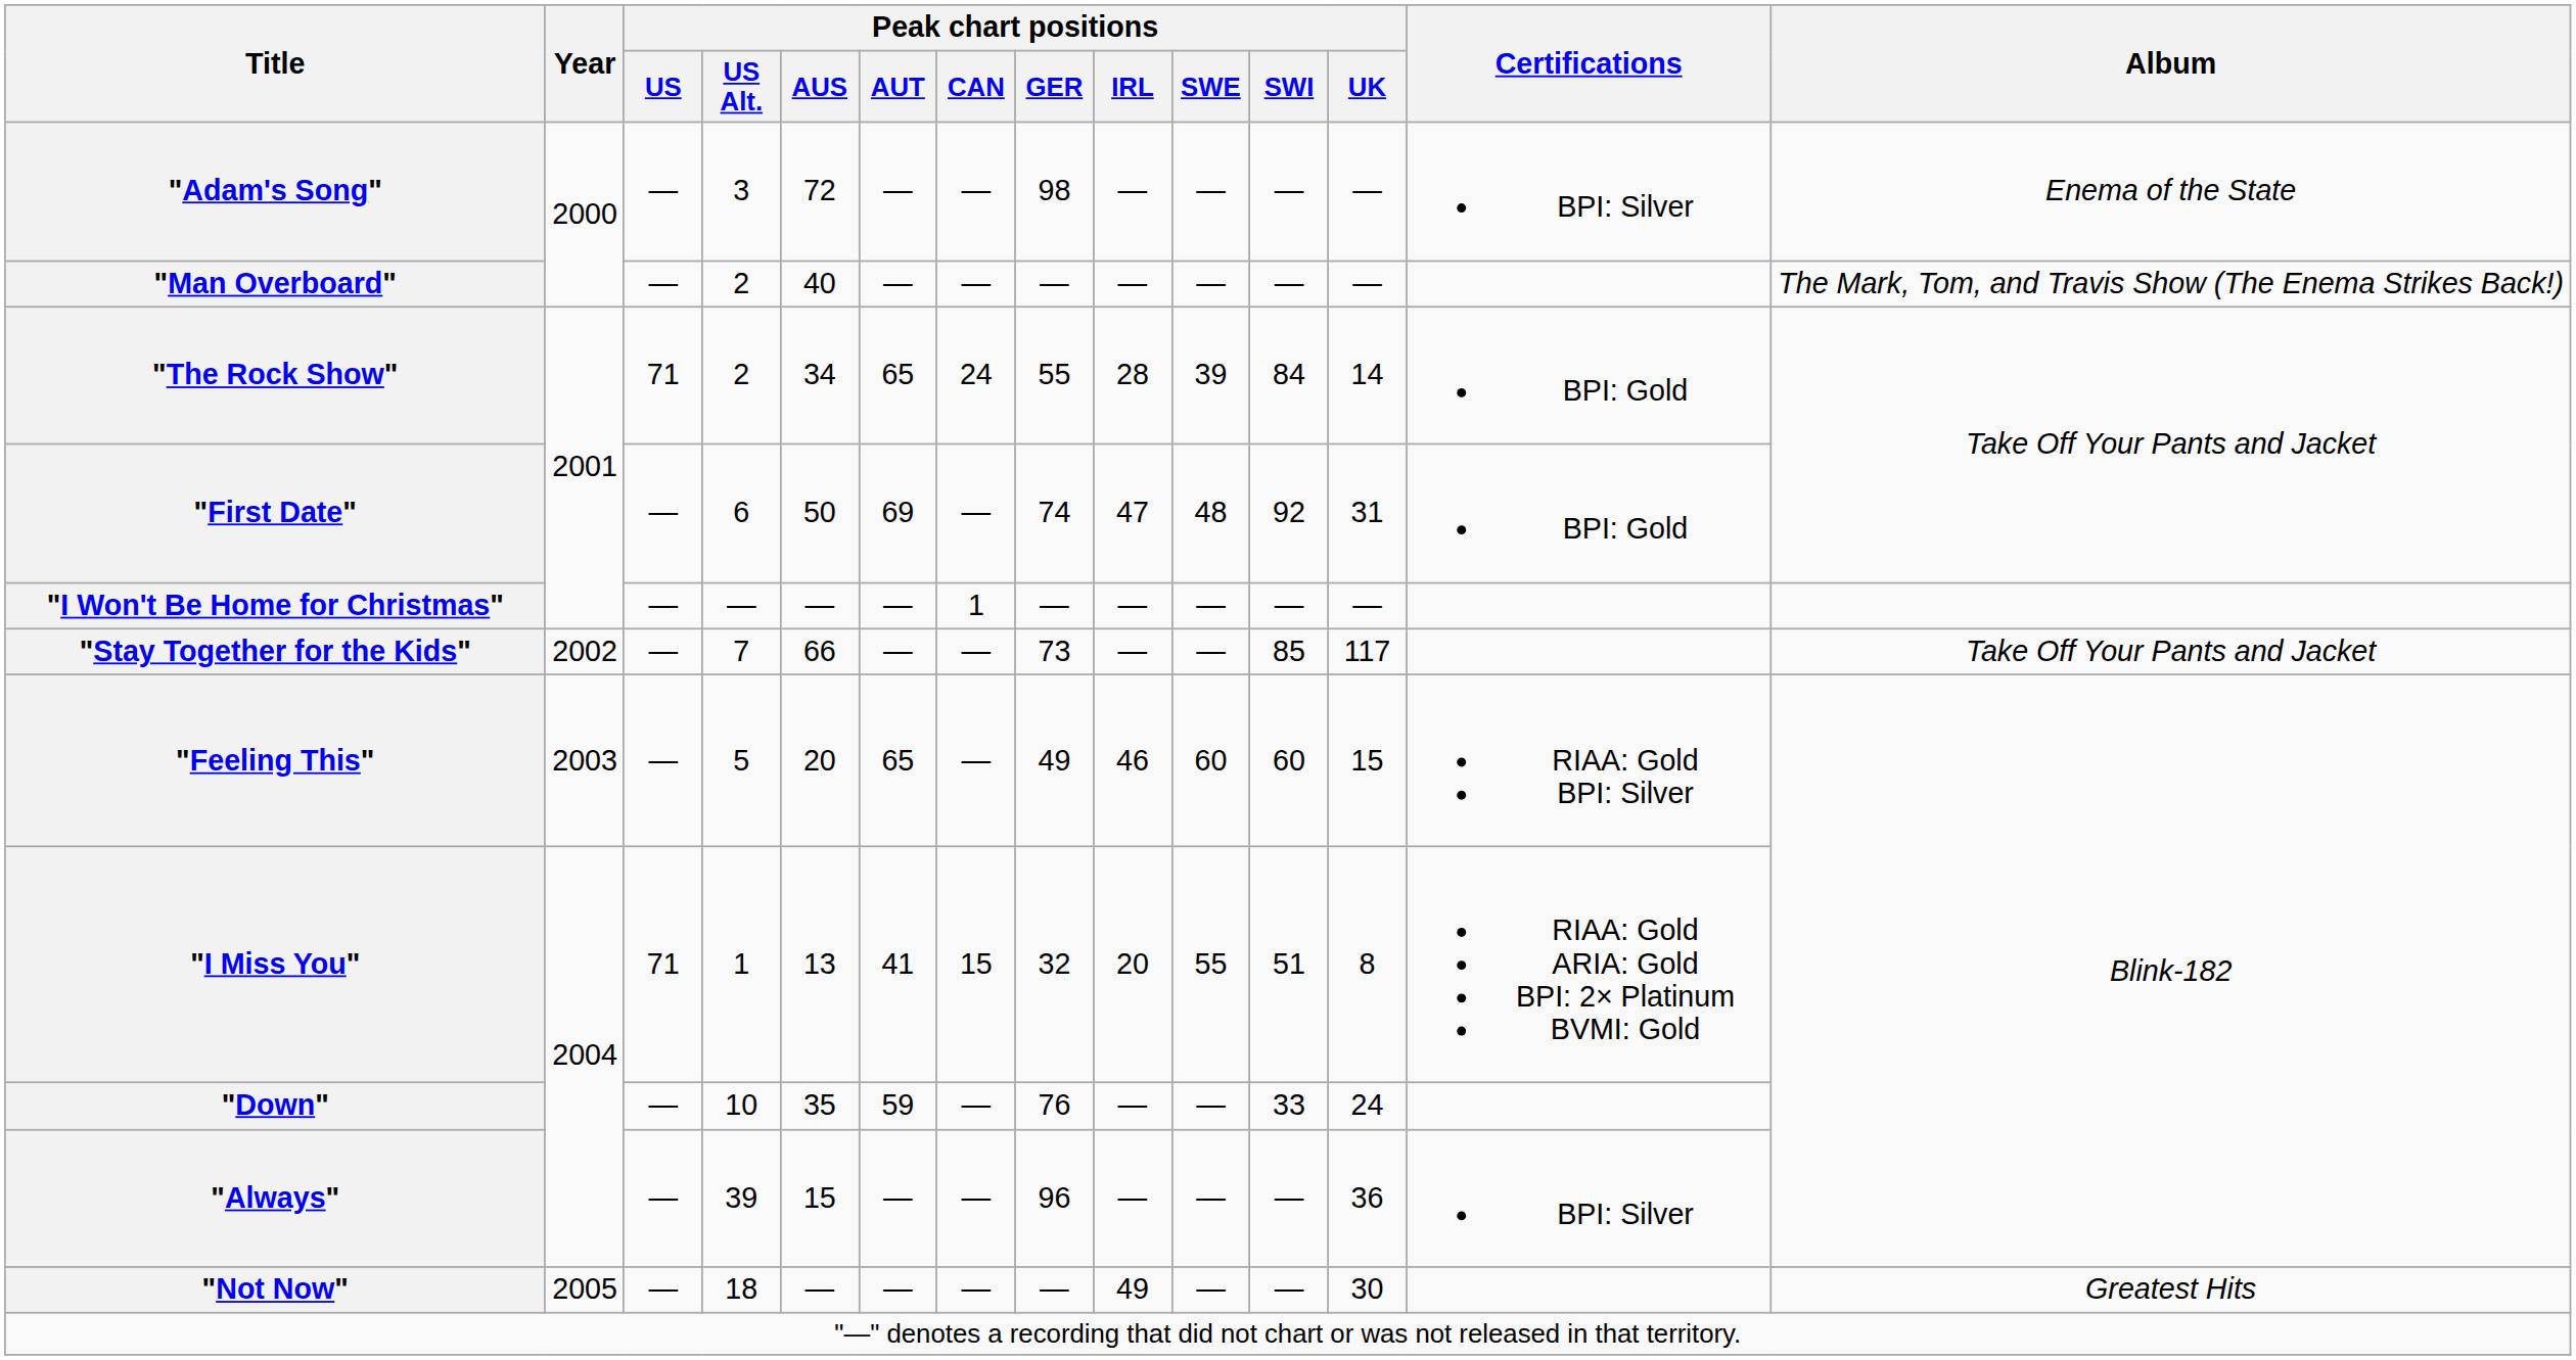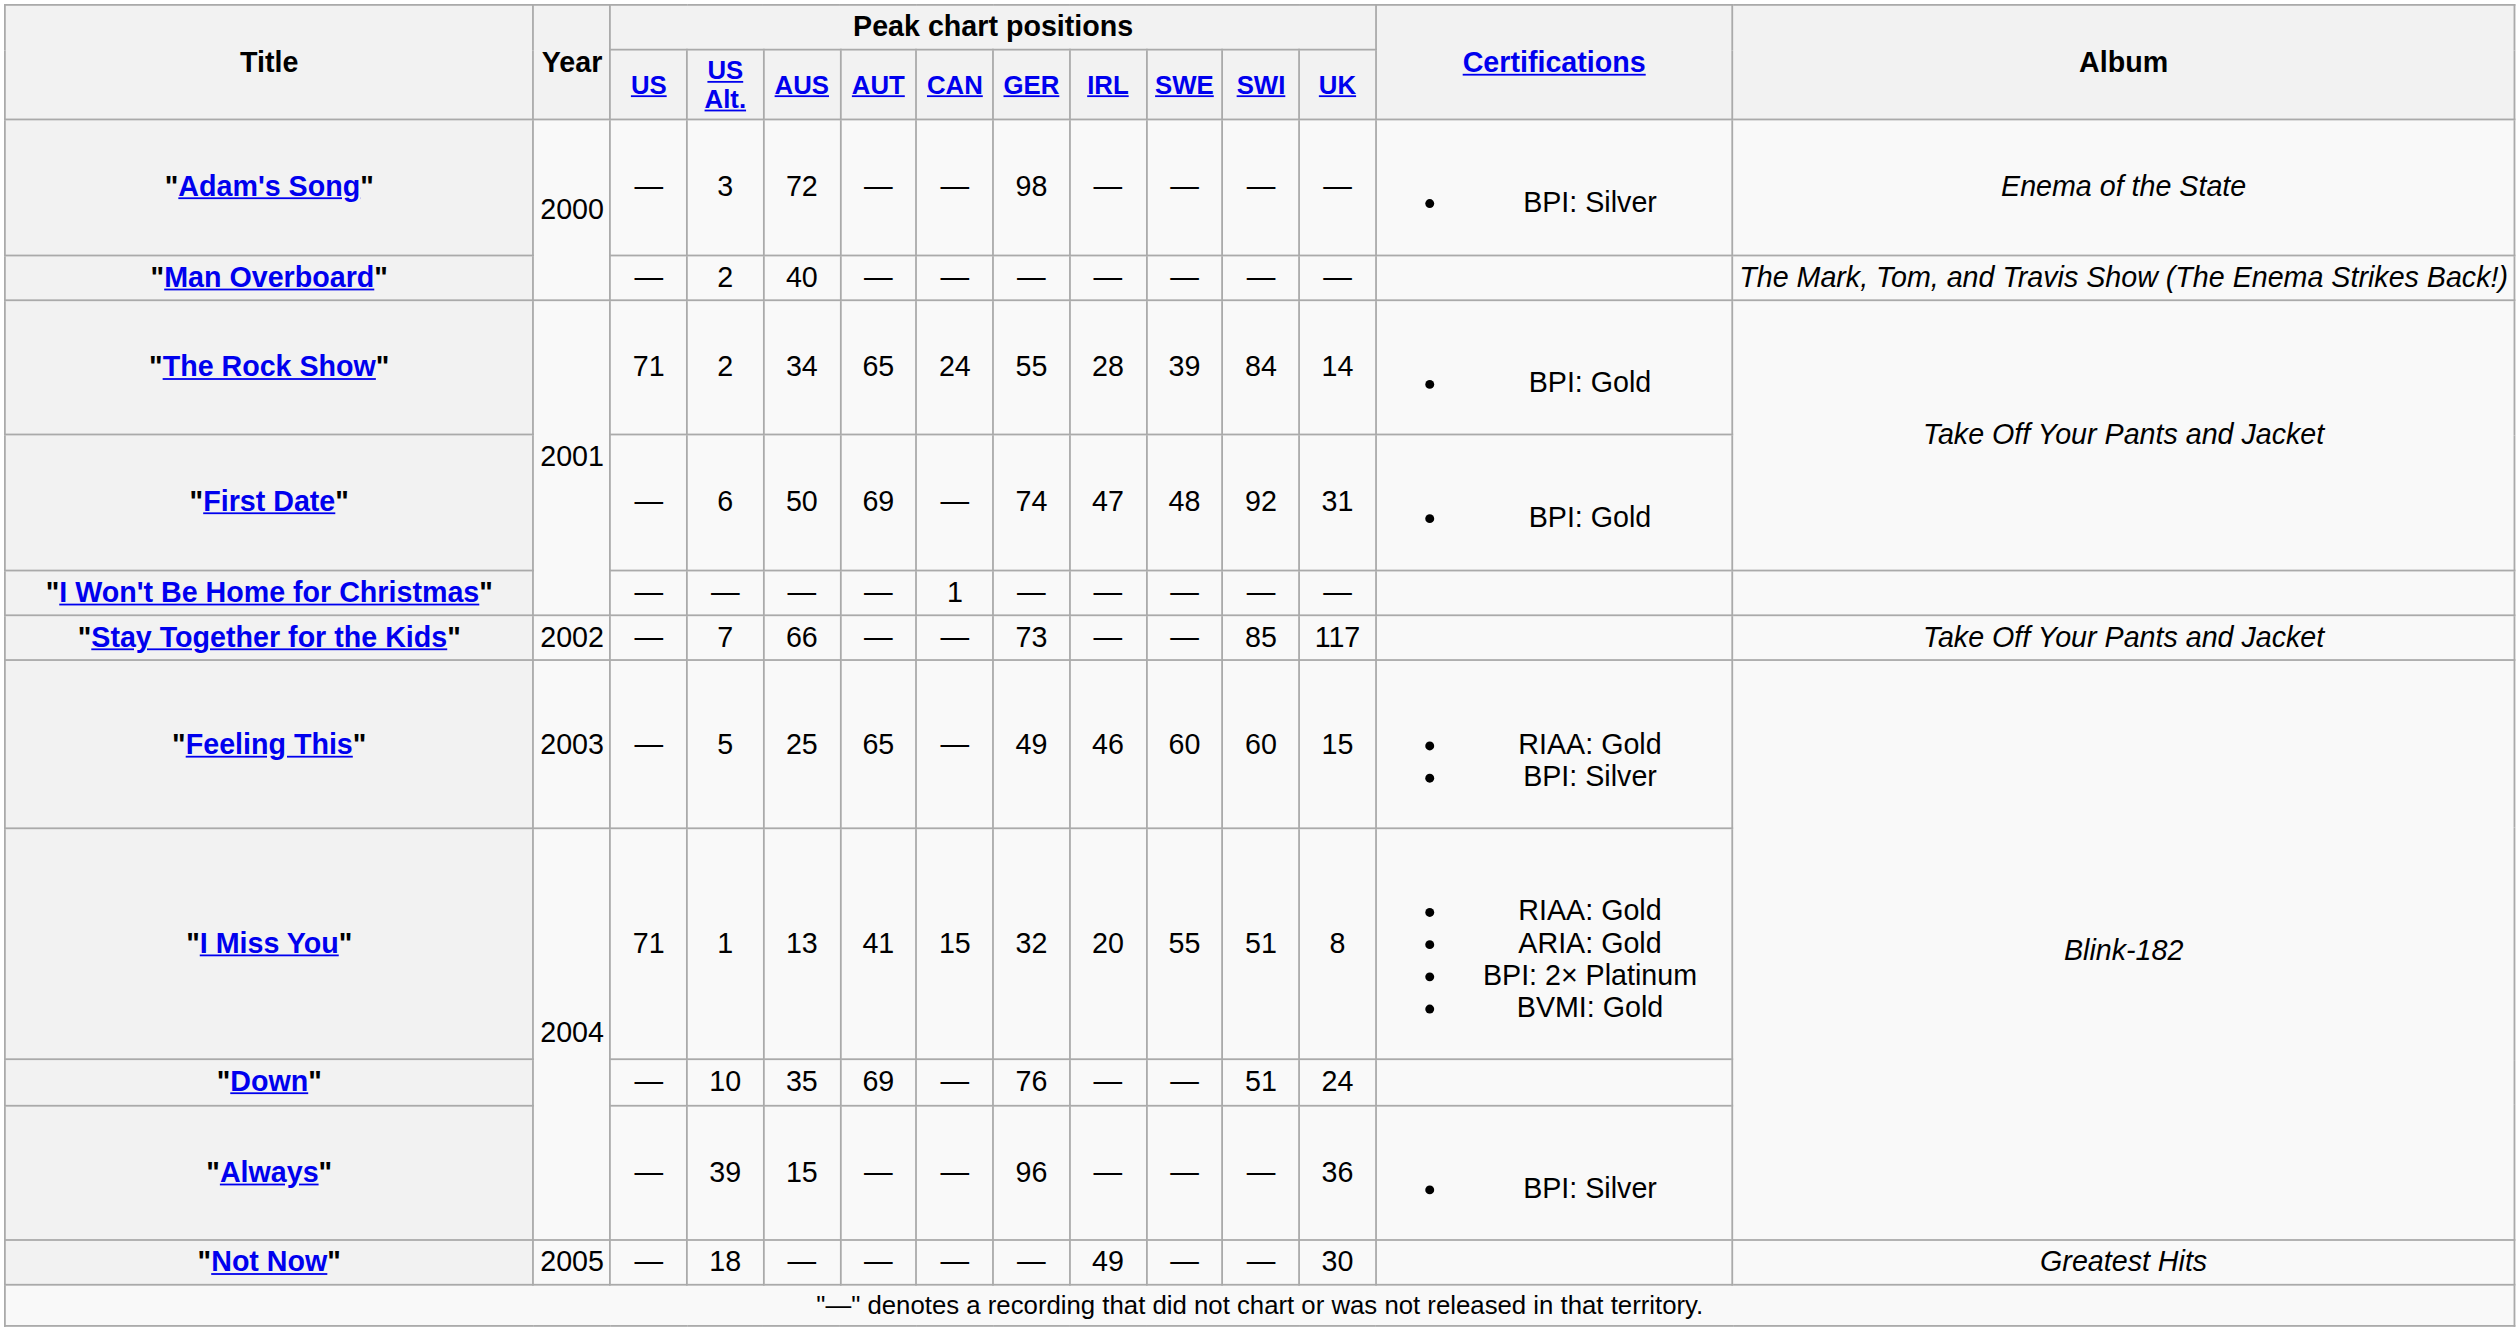 <table class="wikitable plainrowheaders" style="text-align:center;">
 <tr>
 <th scope="col" rowspan="2" style="width:18em;">Title</th>
 <th scope="col" rowspan="2">Year</th>
 <th scope="col" colspan="10">Peak chart positions</th>
 <th scope="col" rowspan="2" style="width:12em;"><a href='#'>Certifications</a></th>
 <th scope="col" rowspan="2">Album</th>
 </tr>
 <tr>
 <th scope="col" style="width:2.5em;font-size:90%;"><a href='#'>US</a><br></th>
 <th scope="col" style="width:2.5em;font-size:90%;"><a href='#'>US<br>Alt.</a><br></th>
 <th scope="col" style="width:2.5em;font-size:90%;"><a href='#'>AUS</a><br></th>
 <th scope="col" style="width:2.5em;font-size:90%;"><a href='#'>AUT</a><br></th>
 <th scope="col" style="width:2.5em;font-size:90%;"><a href='#'>CAN</a><br></th>
 <th scope="col" style="width:2.5em;font-size:90%;"><a href='#'>GER</a><br></th>
 <th scope="col" style="width:2.5em;font-size:90%;"><a href='#'>IRL</a><br></th>
 <th scope="col" style="width:2.5em;font-size:90%;"><a href='#'>SWE</a><br></th>
 <th scope="col" style="width:2.5em;font-size:90%;"><a href='#'>SWI</a><br></th>
 <th scope="col" style="width:2.5em;font-size:90%;"><a href='#'>UK</a><br></th>
 </tr>
 <tr>
 <th scope="row">"<a href='#'>Adam's Song</a>"</th>
 <td rowspan="2">2000</td>
 <td>—</td>
 <td>3</td>
 <td>72</td>
 <td>—</td>
 <td>—</td>
 <td>98</td>
 <td>—</td>
 <td>—</td>
 <td>—</td>
 <td>—</td>
 <td><br><ul><li>BPI: Silver</li></ul></td>
 <td><em>Enema of the State</em></td>
 </tr>
 <tr>
 <th scope="row">"<a href='#'>Man Overboard</a>"</th>
 <td>—</td>
 <td>2</td>
 <td>40</td>
 <td>—</td>
 <td>—</td>
 <td>—</td>
 <td>—</td>
 <td>—</td>
 <td>—</td>
 <td>—</td>
 <td></td>
 <td><em>The Mark, Tom, and Travis Show (The Enema Strikes Back!)</em></td>
 </tr>
 <tr>
 <th scope="row">"<a href='#'>The Rock Show</a>"</th>
 <td rowspan="3">2001</td>
 <td>71</td>
 <td>2</td>
 <td>34</td>
 <td>65</td>
 <td>24</td>
 <td>55</td>
 <td>28</td>
 <td>39</td>
 <td>84</td>
 <td>14</td>
 <td><br><ul><li>BPI: Gold</li></ul></td>
 <td rowspan="2"><em>Take Off Your Pants and Jacket</em></td>
 </tr>
 <tr>
 <th scope="row">"<a href='#'>First Date</a>"</th>
 <td>—</td>
 <td>6</td>
 <td>50</td>
 <td>69</td>
 <td>—</td>
 <td>74</td>
 <td>47</td>
 <td>48</td>
 <td>92</td>
 <td>31</td>
 <td><br><ul><li>BPI: Gold</li></ul></td>
 </tr>
 <tr>
 <th scope="row">"<a href='#'>I Won't Be Home for Christmas</a>"</th>
 <td>—</td>
 <td>—</td>
 <td>—</td>
 <td>—</td>
 <td>1</td>
 <td>—</td>
 <td>—</td>
 <td>—</td>
 <td>—</td>
 <td>—</td>
 <td></td>
 <td></td>
 </tr>
 <tr>
 <th scope="row">"<a href='#'>Stay Together for the Kids</a>"</th>
 <td>2002</td>
 <td>—</td>
 <td>7</td>
 <td>66</td>
 <td>—</td>
 <td>—</td>
 <td>73</td>
 <td>—</td>
 <td>—</td>
 <td>85</td>
 <td>117</td>
 <td></td>
 <td><em>Take Off Your Pants and Jacket</em></td>
 </tr>
 <tr>
 <th scope="row">"<a href='#'>Feeling This</a>"</th>
 <td>2003</td>
 <td>—</td>
 <td>5</td>
-<td>20</td>
+<td>25</td>
 <td>65</td>
 <td>—</td>
 <td>49</td>
 <td>46</td>
 <td>60</td>
 <td>60</td>
 <td>15</td>
 <td><br><ul><li>RIAA: Gold</li><li>BPI: Silver</li></ul></td>
 <td rowspan="4"><em>Blink-182</em></td>
 </tr>
 <tr>
 <th scope="row">"<a href='#'>I Miss You</a>"</th>
 <td rowspan="3">2004</td>
 <td>71</td>
 <td>1</td>
 <td>13</td>
 <td>41</td>
 <td>15</td>
 <td>32</td>
 <td>20</td>
 <td>55</td>
 <td>51</td>
 <td>8</td>
 <td><br><ul><li>RIAA: Gold</li><li>ARIA: Gold</li><li>BPI: 2× Platinum</li><li>BVMI: Gold</li></ul></td>
 </tr>
 <tr>
 <th scope="row">"<a href='#'>Down</a>"</th>
 <td>—</td>
 <td>10</td>
 <td>35</td>
-<td>59</td>
+<td>69</td>
 <td>—</td>
 <td>76</td>
 <td>—</td>
 <td>—</td>
-<td>33</td>
+<td>51</td>
 <td>24</td>
 <td></td>
 </tr>
 <tr>
 <th scope="row">"<a href='#'>Always</a>"</th>
 <td>—</td>
 <td>39</td>
 <td>15</td>
 <td>—</td>
 <td>—</td>
 <td>96</td>
 <td>—</td>
 <td>—</td>
 <td>—</td>
 <td>36</td>
 <td><br><ul><li>BPI: Silver</li></ul></td>
 </tr>
 <tr>
 <th scope="row">"<a href='#'>Not Now</a>"</th>
 <td>2005</td>
 <td>—</td>
 <td>18</td>
 <td>—</td>
 <td>—</td>
 <td>—</td>
 <td>—</td>
 <td>49</td>
 <td>—</td>
 <td>—</td>
 <td>30</td>
 <td></td>
 <td><em>Greatest Hits</em></td>
 </tr>
 <tr>
 <td colspan="15" style="font-size:90%">"—" denotes a recording that did not chart or was not released in that territory.</td>
 </tr>
 </table>
